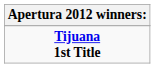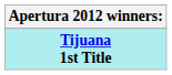 <table class="wikitable" style="text-align: center; margin: 0 auto;">
 <tr>
 <th>Apertura 2012 winners:</th>
 </tr>
 <tr>
 </tr>
 <tr>
-<td><strong><a href='#'>Tijuana</a></strong><br><strong>1st Title</strong></td>
+<td style="background: paleturquoise;"><strong><a href='#'>Tijuana</a></strong><br><strong>1st Title</strong></td>
 </tr>
 </table>
